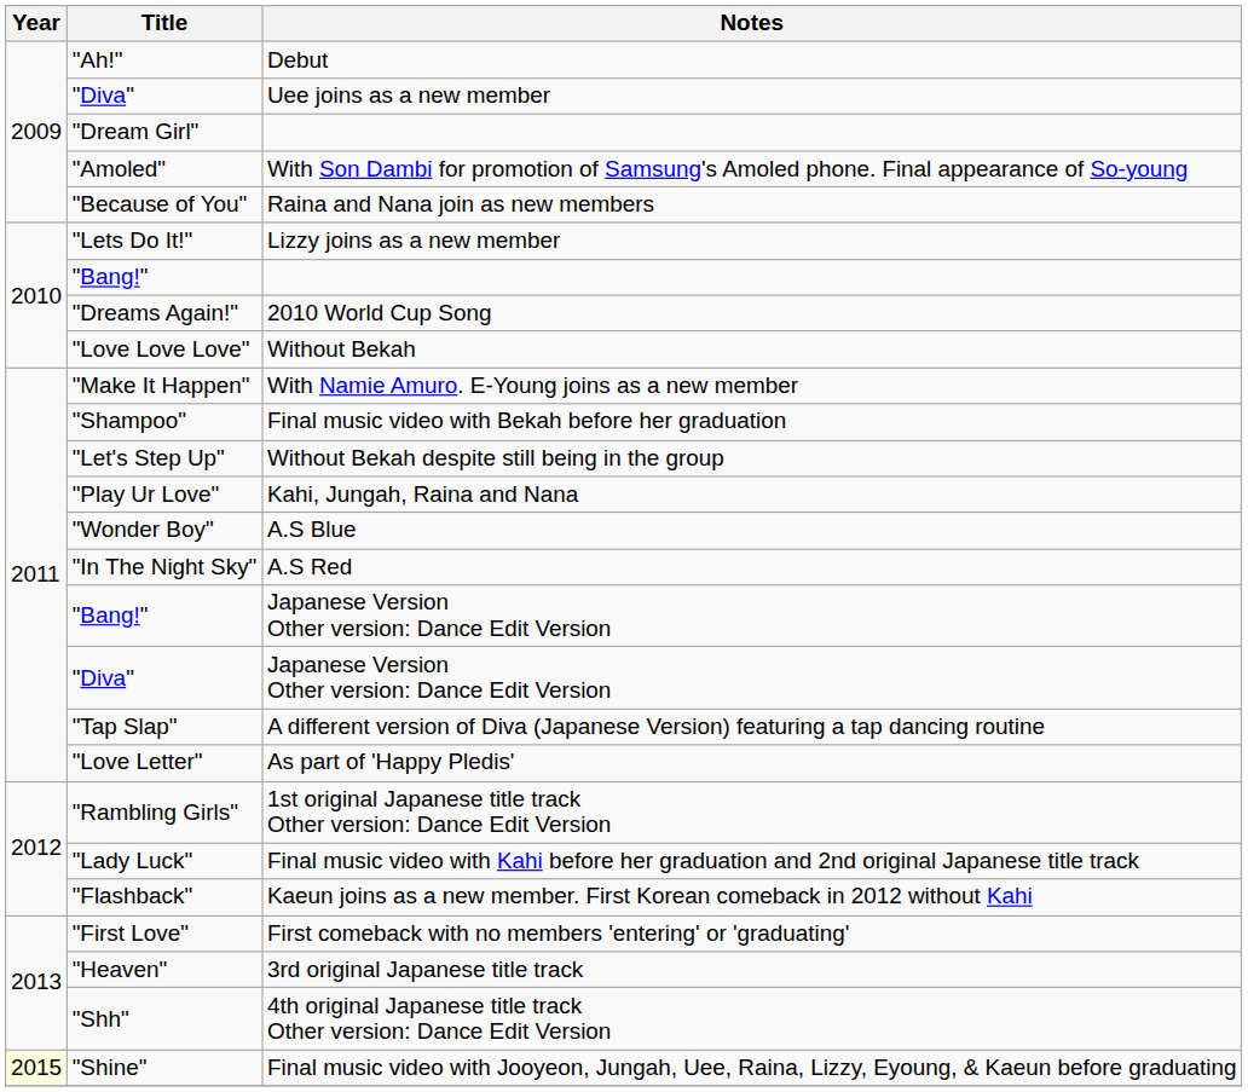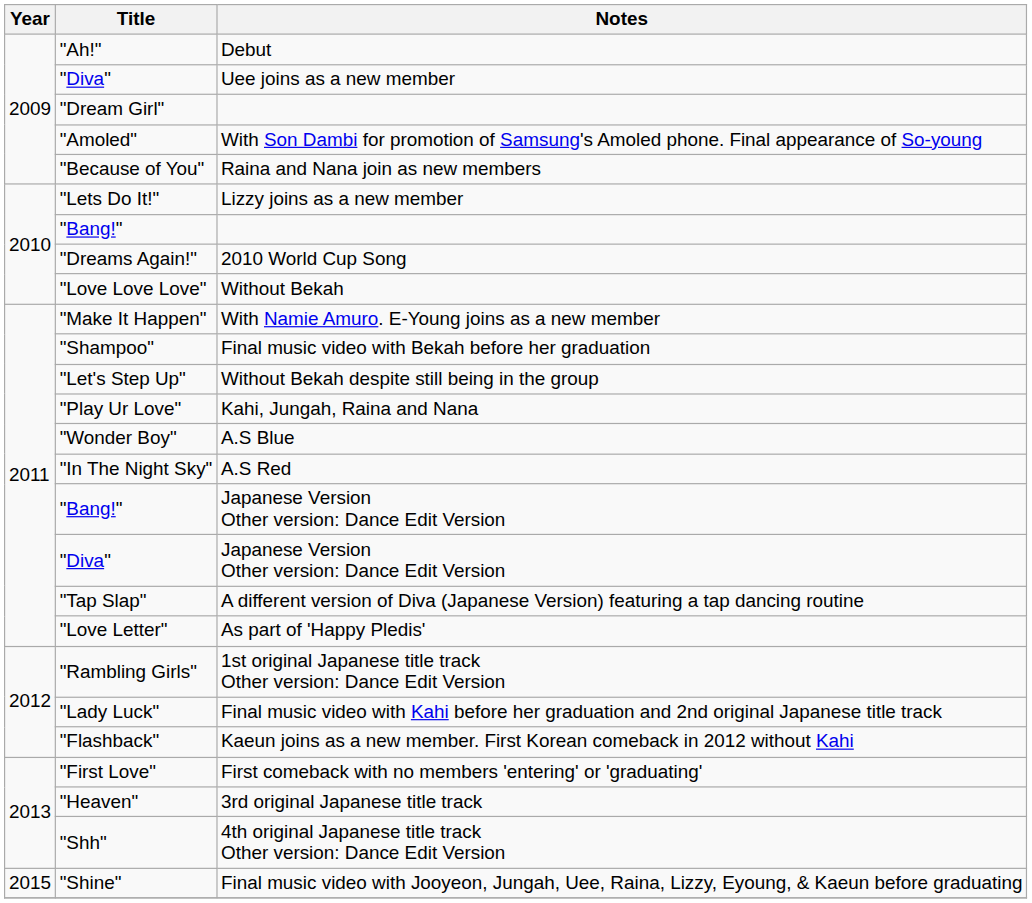 <table class="wikitable">
 <tr>
 <th>Year</th>
 <th>Title</th>
 <th>Notes</th>
 </tr>
 <tr>
 <td rowspan=5>2009</td>
 <td>"Ah!"</td>
 <td>Debut</td>
 </tr>
 <tr>
 <td>"<a href='#'>Diva</a>"</td>
 <td>Uee joins as a new member</td>
 </tr>
 <tr>
 <td>"Dream Girl"</td>
 <td></td>
 </tr>
 <tr>
 <td>"Amoled"</td>
 <td>With <a href='#'>Son Dambi</a> for promotion of <a href='#'>Samsung</a>'s Amoled phone. Final appearance of <a href='#'>So-young</a></td>
 </tr>
 <tr>
 <td>"Because of You"</td>
 <td>Raina and Nana join as new members</td>
 </tr>
 <tr>
 <td rowspan=4>2010</td>
 <td>"Lets Do It!"</td>
 <td>Lizzy joins as a new member</td>
 </tr>
 <tr>
 <td>"<a href='#'>Bang!</a>"</td>
 <td></td>
 </tr>
 <tr>
 <td>"Dreams Again!"</td>
 <td>2010 World Cup Song</td>
 </tr>
 <tr>
 <td>"Love Love Love"</td>
 <td>Without Bekah</td>
 </tr>
 <tr>
 <td rowspan=10>2011</td>
 <td>"Make It Happen"</td>
 <td>With <a href='#'>Namie Amuro</a>. E-Young joins as a new member</td>
 </tr>
 <tr>
 <td>"Shampoo"</td>
 <td>Final music video with Bekah before her graduation</td>
 </tr>
 <tr>
 <td>"Let's Step Up"</td>
 <td>Without Bekah despite still being in the group</td>
 </tr>
 <tr>
 <td>"Play Ur Love"</td>
 <td>Kahi, Jungah, Raina and Nana</td>
 </tr>
 <tr>
 <td>"Wonder Boy"</td>
 <td>A.S Blue</td>
 </tr>
 <tr>
 <td>"In The Night Sky"</td>
 <td>A.S Red</td>
 </tr>
 <tr>
 <td>"<a href='#'>Bang!</a>"</td>
 <td>Japanese Version<br>Other version: Dance Edit Version</td>
 </tr>
 <tr>
 <td>"<a href='#'>Diva</a>"</td>
 <td>Japanese Version<br>Other version: Dance Edit Version</td>
 </tr>
 <tr>
 <td>"Tap Slap"</td>
 <td>A different version of Diva (Japanese Version) featuring a tap dancing routine</td>
 </tr>
 <tr>
 <td>"Love Letter"</td>
 <td>As part of 'Happy Pledis'</td>
 </tr>
 <tr>
 <td rowspan=3>2012</td>
 <td>"Rambling Girls"</td>
 <td>1st original Japanese title track<br>Other version: Dance Edit Version</td>
 </tr>
 <tr>
 <td>"Lady Luck"</td>
 <td>Final music video with <a href='#'>Kahi</a> before her graduation and 2nd original Japanese title track</td>
 </tr>
 <tr>
 <td>"Flashback"</td>
 <td>Kaeun joins as a new member. First Korean comeback in 2012 without <a href='#'>Kahi</a></td>
 </tr>
 <tr>
 <td rowspan=3>2013</td>
 <td>"First Love"</td>
 <td>First comeback with no members 'entering' or 'graduating'</td>
 </tr>
 <tr>
 <td>"Heaven"</td>
 <td>3rd original Japanese title track</td>
 </tr>
 <tr>
 <td>"Shh"</td>
 <td>4th original Japanese title track<br>Other version: Dance Edit Version</td>
 </tr>
 <tr>
-<td rowspan=1 style="background: lightyellow;">2015</td>
+<td rowspan=1>2015</td>
 <td>"Shine"</td>
 <td>Final music video with Jooyeon, Jungah, Uee, Raina, Lizzy, Eyoung, & Kaeun before graduating</td>
 </tr>
 <tr>
 </tr>
 </table>
